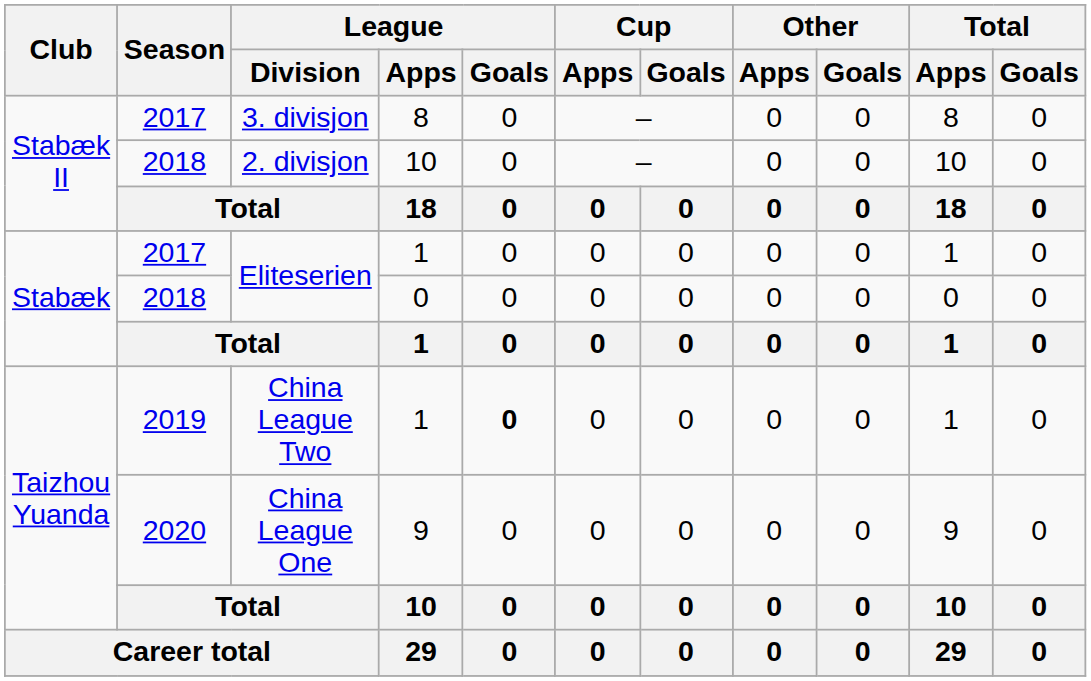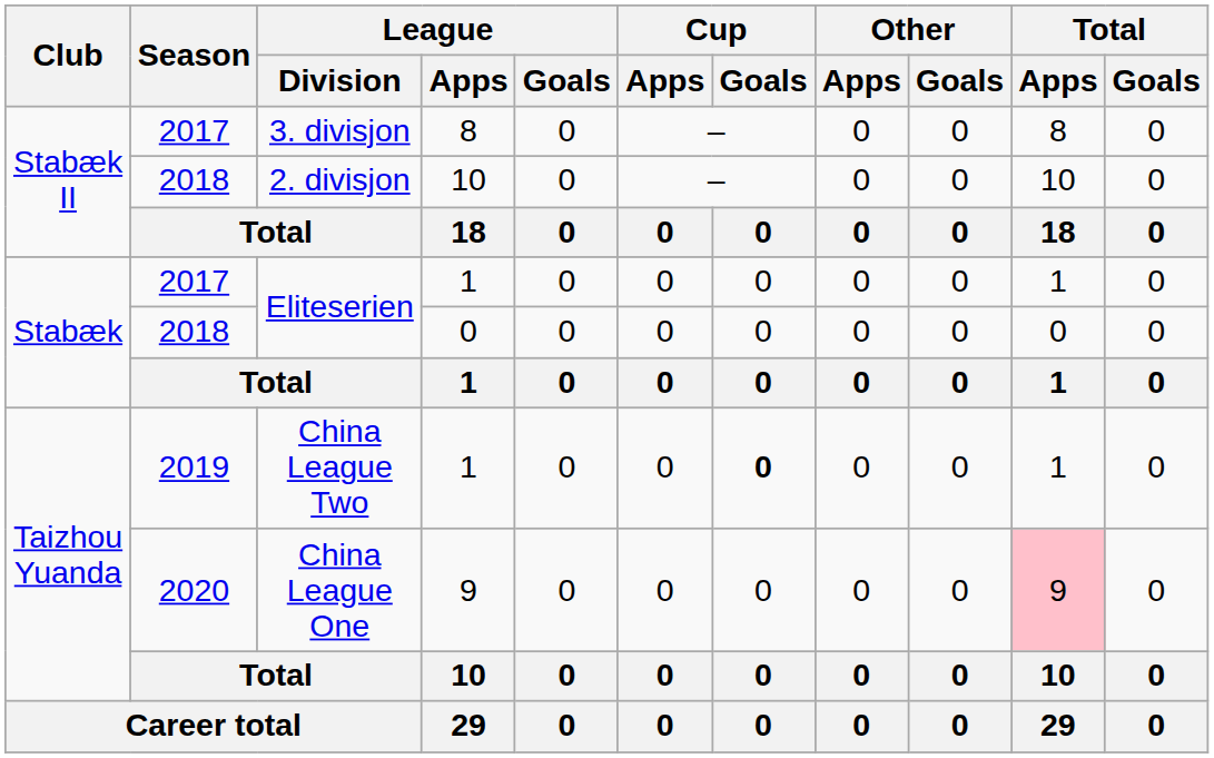 <table class="wikitable" style="text-align: center">
 <tr>
 <th rowspan="2">Club</th>
 <th rowspan="2">Season</th>
 <th colspan="3">League</th>
 <th colspan="2">Cup</th>
 <th colspan="2">Other</th>
 <th colspan="2">Total</th>
 </tr>
 <tr>
 <th>Division</th>
 <th>Apps</th>
 <th>Goals</th>
 <th>Apps</th>
 <th>Goals</th>
 <th>Apps</th>
 <th>Goals</th>
 <th>Apps</th>
 <th>Goals</th>
 </tr>
 <tr>
 <td rowspan="3"><a href='#'>Stabæk II</a></td>
 <td><a href='#'>2017</a></td>
 <td><a href='#'>3. divisjon</a></td>
 <td>8</td>
 <td>0</td>
 <td colspan="2">–</td>
 <td>0</td>
 <td>0</td>
 <td>8</td>
 <td>0</td>
 </tr>
 <tr>
 <td><a href='#'>2018</a></td>
 <td><a href='#'>2. divisjon</a></td>
 <td>10</td>
 <td>0</td>
 <td colspan="2">–</td>
 <td>0</td>
 <td>0</td>
 <td>10</td>
 <td>0</td>
 </tr>
 <tr>
 <th colspan=2>Total</th>
 <th>18</th>
 <th>0</th>
 <th>0</th>
 <th>0</th>
 <th>0</th>
 <th>0</th>
 <th>18</th>
 <th>0</th>
 </tr>
 <tr>
 <td rowspan="3"><a href='#'>Stabæk</a></td>
 <td><a href='#'>2017</a></td>
 <td rowspan="2"><a href='#'>Eliteserien</a></td>
 <td>1</td>
 <td>0</td>
 <td>0</td>
 <td>0</td>
 <td>0</td>
 <td>0</td>
 <td>1</td>
 <td>0</td>
 </tr>
 <tr>
 <td><a href='#'>2018</a></td>
 <td>0</td>
 <td>0</td>
 <td>0</td>
 <td>0</td>
 <td>0</td>
 <td>0</td>
 <td>0</td>
 <td>0</td>
 </tr>
 <tr>
 <th colspan=2>Total</th>
 <th>1</th>
 <th>0</th>
 <th>0</th>
 <th>0</th>
 <th>0</th>
 <th>0</th>
 <th>1</th>
 <th>0</th>
 </tr>
 <tr>
 <td rowspan="3"><a href='#'>Taizhou Yuanda</a></td>
 <td><a href='#'>2019</a></td>
 <td><a href='#'>China League Two</a></td>
 <td>1</td>
-<td><strong>0</strong></td>
 <td>0</td>
 <td>0</td>
+<td><strong>0</strong></td>
 <td>0</td>
 <td>0</td>
 <td>1</td>
 <td>0</td>
 </tr>
 <tr>
 <td><a href='#'>2020</a></td>
 <td><a href='#'>China League One</a></td>
 <td>9</td>
 <td>0</td>
 <td>0</td>
 <td>0</td>
 <td>0</td>
 <td>0</td>
-<td>9</td>
+<td style="background: pink;">9</td>
 <td>0</td>
 </tr>
 <tr>
 <th colspan=2>Total</th>
 <th>10</th>
 <th>0</th>
 <th>0</th>
 <th>0</th>
 <th>0</th>
 <th>0</th>
 <th>10</th>
 <th>0</th>
 </tr>
 <tr>
 <th colspan=3>Career total</th>
 <th>29</th>
 <th>0</th>
 <th>0</th>
 <th>0</th>
 <th>0</th>
 <th>0</th>
 <th>29</th>
 <th>0</th>
 </tr>
 </table>
